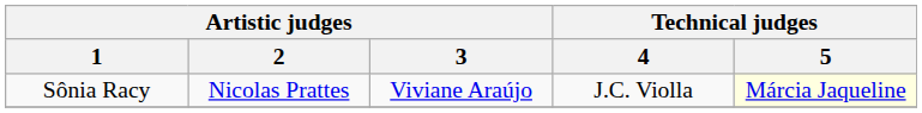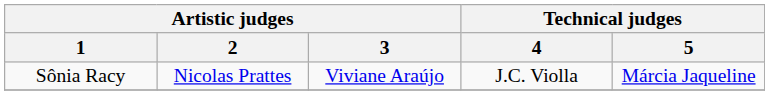 <table class="wikitable" style="font-size:100%; line-height:16px; text-align:center" width="100%">
 <tr>
 <th colspan=3>Artistic judges</th>
 <th colspan=2>Technical judges</th>
 </tr>
 <tr>
 <th width="20.0%">1</th>
 <th width="20.0%">2</th>
 <th width="20.0%">3</th>
 <th width="20.0%">4</th>
 <th width="20.0%">5</th>
 </tr>
 <tr>
 <td>Sônia Racy</td>
 <td><a href='#'>Nicolas Prattes</a></td>
 <td><a href='#'>Viviane Araújo</a></td>
 <td>J.C. Violla</td>
-<td style="background: lightyellow;"><a href='#'>Márcia Jaqueline</a></td>
+<td><a href='#'>Márcia Jaqueline</a></td>
 </tr>
 <tr>
 </tr>
 </table>
